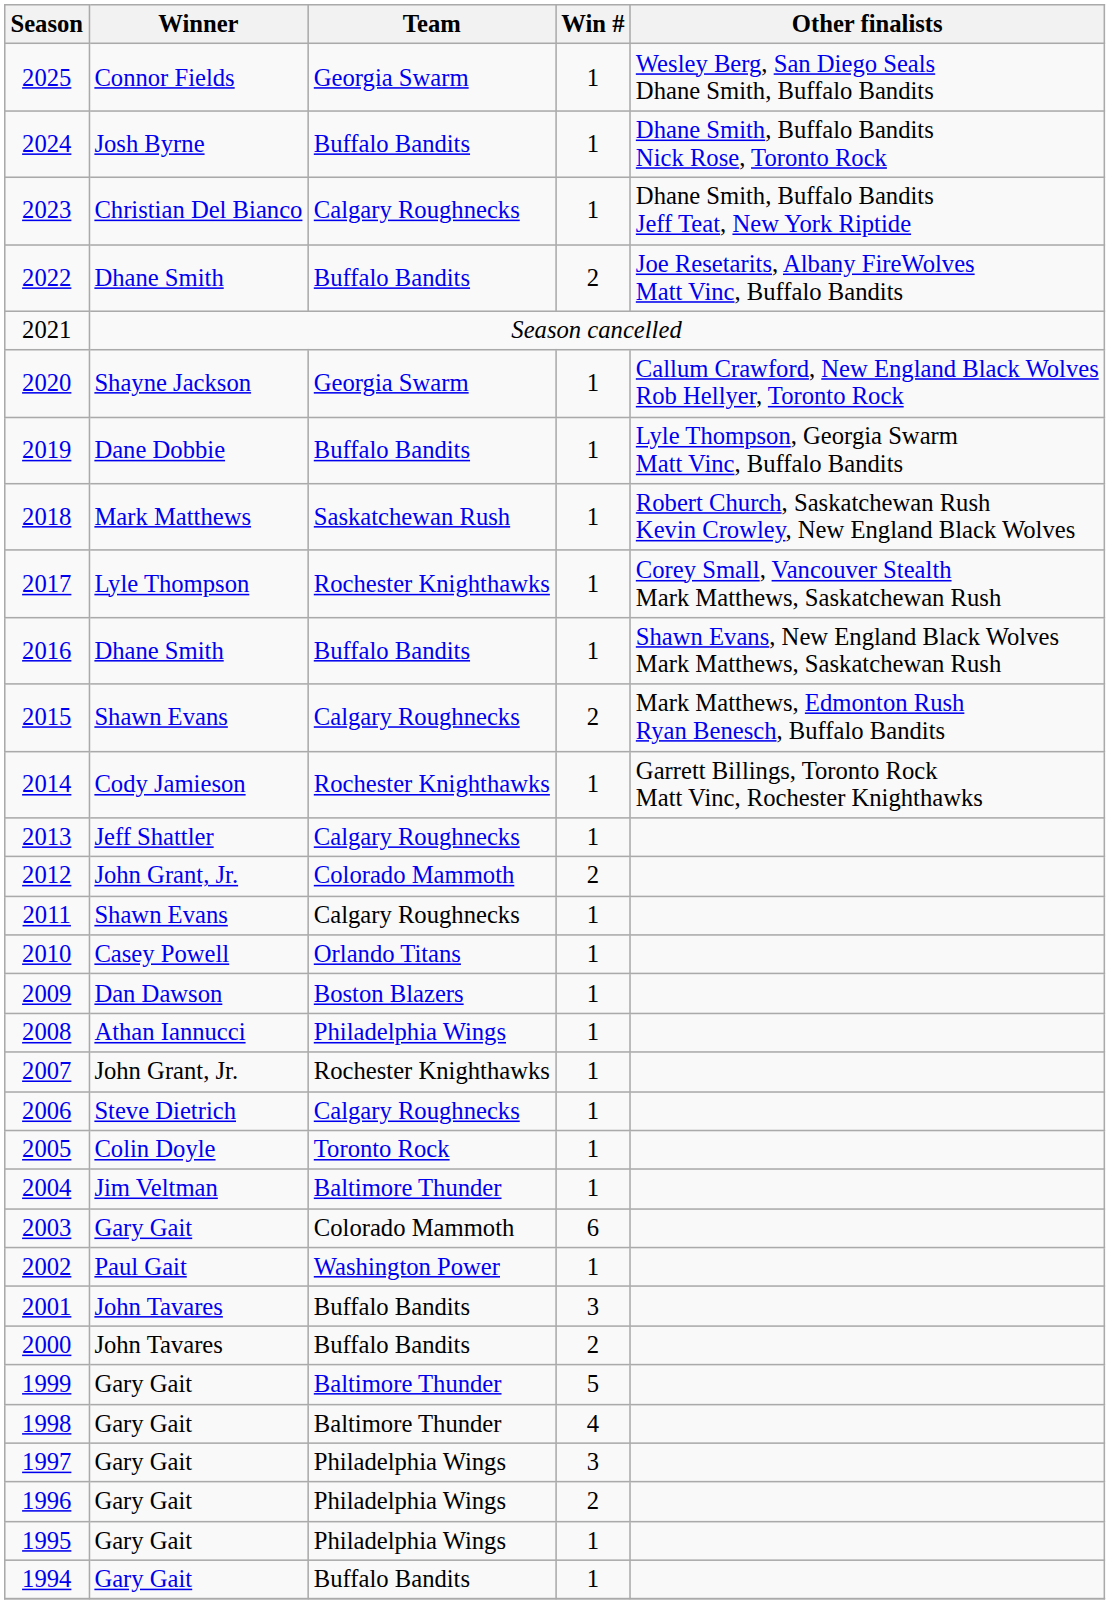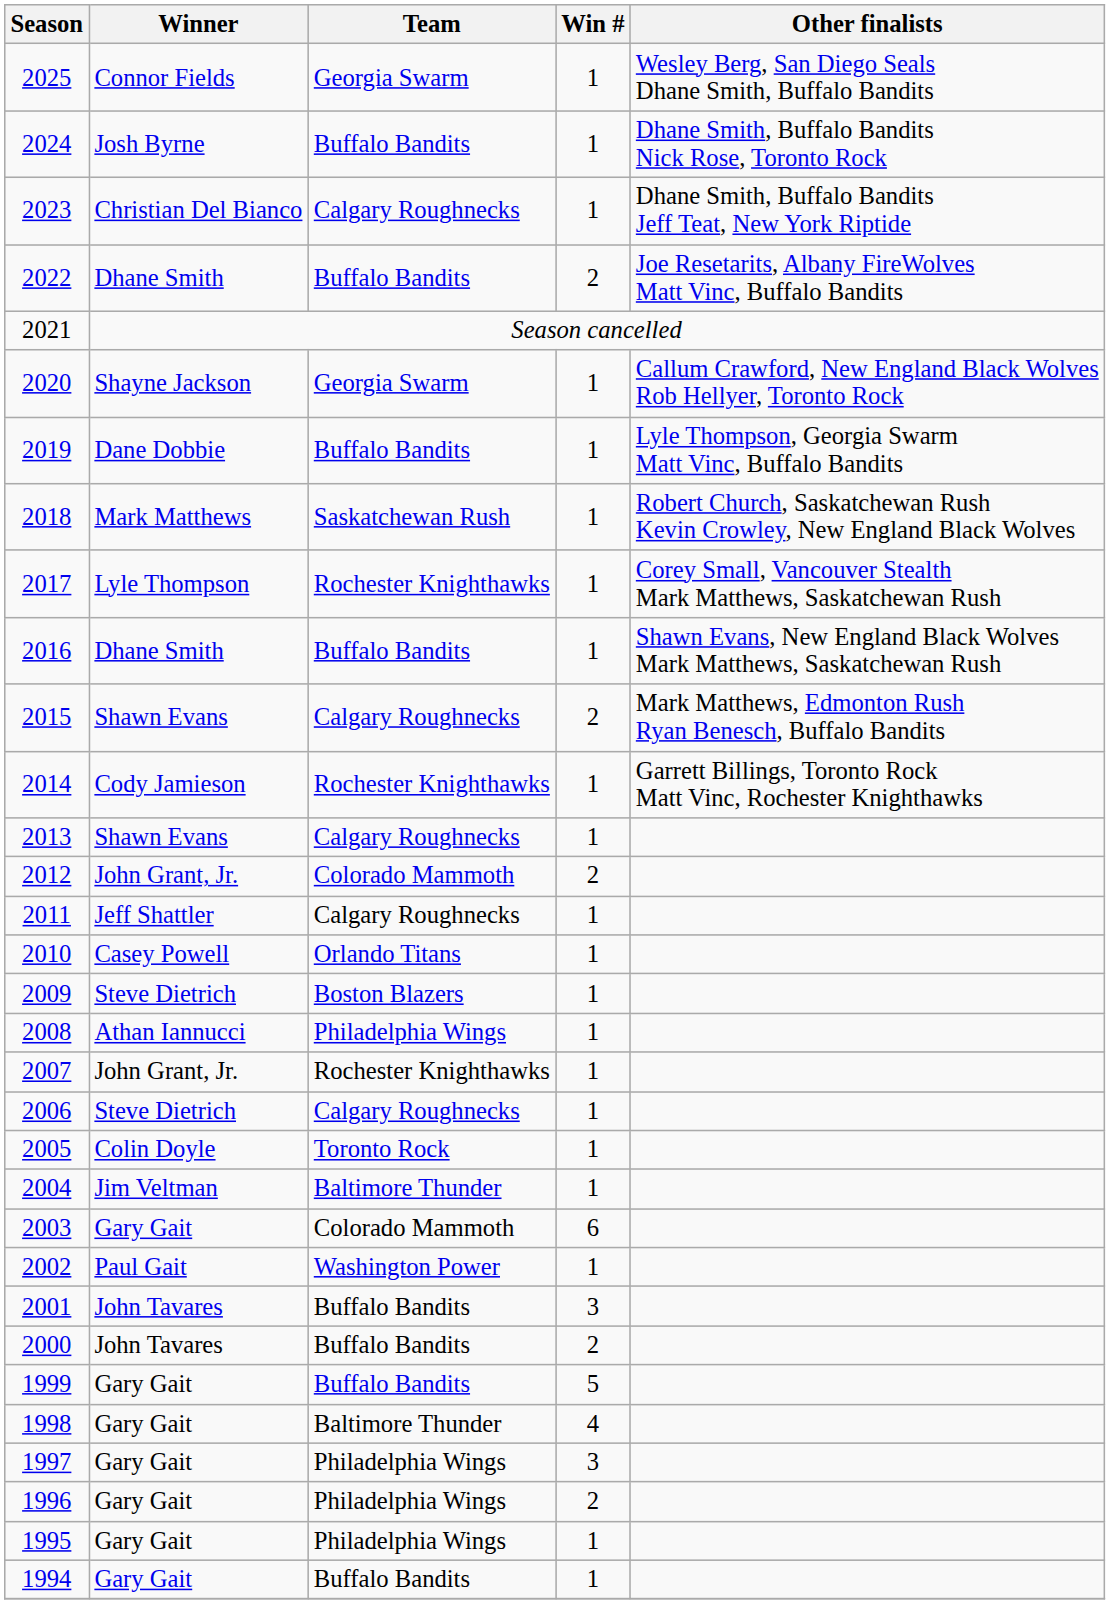 <table class="wikitable sortable">
 <tr>
 <th>Season</th>
 <th>Winner</th>
 <th>Team</th>
 <th>Win #</th>
 <th>Other finalists</th>
 </tr>
 <tr>
 <td align="center"><a href='#'>2025</a></td>
 <td><a href='#'>Connor Fields</a></td>
 <td><a href='#'>Georgia Swarm</a></td>
 <td align="center">1</td>
 <td><a href='#'>Wesley Berg</a>, <a href='#'>San Diego Seals</a><br>Dhane Smith, Buffalo Bandits</td>
 </tr>
 <tr>
 <td align="center"><a href='#'>2024</a></td>
 <td><a href='#'>Josh Byrne</a></td>
 <td><a href='#'>Buffalo Bandits</a></td>
 <td align="center">1</td>
 <td><a href='#'>Dhane Smith</a>, Buffalo Bandits<br><a href='#'>Nick Rose</a>, <a href='#'>Toronto Rock</a></td>
 </tr>
 <tr>
 <td align="center"><a href='#'>2023</a></td>
 <td><a href='#'>Christian Del Bianco</a></td>
 <td><a href='#'>Calgary Roughnecks</a></td>
 <td align="center">1</td>
 <td>Dhane Smith, Buffalo Bandits<br><a href='#'>Jeff Teat</a>, <a href='#'>New York Riptide</a></td>
 </tr>
 <tr>
 <td align="center"><a href='#'>2022</a></td>
 <td><a href='#'>Dhane Smith</a></td>
 <td><a href='#'>Buffalo Bandits</a></td>
 <td align="center">2</td>
 <td><a href='#'>Joe Resetarits</a>, <a href='#'>Albany FireWolves</a><br><a href='#'>Matt Vinc</a>, Buffalo Bandits</td>
 </tr>
 <tr>
 <td align="center">2021</td>
 <td align="center" colspan="4"><em>Season cancelled</em></td>
 </tr>
 <tr>
 <td align="center"><a href='#'>2020</a></td>
 <td><a href='#'>Shayne Jackson</a></td>
 <td><a href='#'>Georgia Swarm</a></td>
 <td align="center">1</td>
 <td><a href='#'>Callum Crawford</a>, <a href='#'>New England Black Wolves</a><br><a href='#'>Rob Hellyer</a>, <a href='#'>Toronto Rock</a></td>
 </tr>
 <tr>
 <td align="center"><a href='#'>2019</a></td>
 <td><a href='#'>Dane Dobbie</a></td>
 <td><a href='#'>Buffalo Bandits</a></td>
 <td align="center">1</td>
 <td><a href='#'>Lyle Thompson</a>, Georgia Swarm<br><a href='#'>Matt Vinc</a>, Buffalo Bandits</td>
 </tr>
 <tr>
 <td align="center"><a href='#'>2018</a></td>
 <td><a href='#'>Mark Matthews</a></td>
 <td><a href='#'>Saskatchewan Rush</a></td>
 <td align="center">1</td>
 <td><a href='#'>Robert Church</a>, Saskatchewan Rush<br><a href='#'>Kevin Crowley</a>, New England Black Wolves</td>
 </tr>
 <tr>
 <td align="center"><a href='#'>2017</a></td>
 <td><a href='#'>Lyle Thompson</a></td>
 <td><a href='#'>Rochester Knighthawks</a></td>
 <td align="center">1</td>
 <td><a href='#'>Corey Small</a>, <a href='#'>Vancouver Stealth</a><br>Mark Matthews, Saskatchewan Rush</td>
 </tr>
 <tr>
 <td align="center"><a href='#'>2016</a></td>
 <td><a href='#'>Dhane Smith</a></td>
 <td><a href='#'>Buffalo Bandits</a></td>
 <td align="center">1</td>
 <td><a href='#'>Shawn Evans</a>, New England Black Wolves<br>Mark Matthews, Saskatchewan Rush</td>
 </tr>
 <tr>
 <td align="center"><a href='#'>2015</a></td>
 <td><a href='#'>Shawn Evans</a></td>
 <td><a href='#'>Calgary Roughnecks</a></td>
 <td align="center">2</td>
 <td>Mark Matthews, <a href='#'>Edmonton Rush</a><br><a href='#'>Ryan Benesch</a>, Buffalo Bandits</td>
 </tr>
 <tr>
 <td align="center"><a href='#'>2014</a></td>
 <td><a href='#'>Cody Jamieson</a></td>
 <td><a href='#'>Rochester Knighthawks</a></td>
 <td align="center">1</td>
 <td>Garrett Billings, Toronto Rock<br>Matt Vinc, Rochester Knighthawks</td>
 </tr>
 <tr>
 <td align="center"><a href='#'>2013</a></td>
-<td><a href='#'>Jeff Shattler</a></td>
+<td><a href='#'>Shawn Evans</a></td>
 <td><a href='#'>Calgary Roughnecks</a></td>
 <td align="center">1</td>
 <td> </td>
 </tr>
 <tr>
 <td align="center"><a href='#'>2012</a></td>
 <td><a href='#'>John Grant, Jr.</a></td>
 <td><a href='#'>Colorado Mammoth</a></td>
 <td align="center">2</td>
 <td> </td>
 </tr>
 <tr>
 <td align="center"><a href='#'>2011</a></td>
-<td><a href='#'>Shawn Evans</a></td>
+<td><a href='#'>Jeff Shattler</a></td>
 <td>Calgary Roughnecks</td>
 <td align="center">1</td>
 <td> </td>
 </tr>
 <tr>
 <td align="center"><a href='#'>2010</a></td>
 <td><a href='#'>Casey Powell</a></td>
 <td><a href='#'>Orlando Titans</a></td>
 <td align="center">1</td>
 <td> </td>
 </tr>
 <tr>
 <td align="center"><a href='#'>2009</a></td>
-<td><a href='#'>Dan Dawson</a></td>
+<td><a href='#'>Steve Dietrich</a></td>
 <td><a href='#'>Boston Blazers</a></td>
 <td align="center">1</td>
 <td> </td>
 </tr>
 <tr>
 <td align="center"><a href='#'>2008</a></td>
 <td><a href='#'>Athan Iannucci</a></td>
 <td><a href='#'>Philadelphia Wings</a></td>
 <td align="center">1</td>
 <td> </td>
 </tr>
 <tr>
 <td align="center"><a href='#'>2007</a></td>
 <td>John Grant, Jr.</td>
 <td>Rochester Knighthawks</td>
 <td align="center">1</td>
 <td> </td>
 </tr>
 <tr>
 <td align="center"><a href='#'>2006</a></td>
 <td><a href='#'>Steve Dietrich</a></td>
 <td><a href='#'>Calgary Roughnecks</a></td>
 <td align="center">1</td>
 <td> </td>
 </tr>
 <tr>
 <td align="center"><a href='#'>2005</a></td>
 <td><a href='#'>Colin Doyle</a></td>
 <td><a href='#'>Toronto Rock</a></td>
 <td align="center">1</td>
 <td> </td>
 </tr>
 <tr>
 <td align="center"><a href='#'>2004</a></td>
 <td><a href='#'>Jim Veltman</a></td>
 <td><a href='#'>Baltimore Thunder</a></td>
 <td align="center">1</td>
 <td> </td>
 </tr>
 <tr>
 <td align="center"><a href='#'>2003</a></td>
 <td><a href='#'>Gary Gait</a></td>
 <td>Colorado Mammoth</td>
 <td align="center">6</td>
 <td> </td>
 </tr>
 <tr>
 <td align="center"><a href='#'>2002</a></td>
 <td><a href='#'>Paul Gait</a></td>
 <td><a href='#'>Washington Power</a></td>
 <td align="center">1</td>
 <td> </td>
 </tr>
 <tr>
 <td align="center"><a href='#'>2001</a></td>
 <td><a href='#'>John Tavares</a></td>
 <td>Buffalo Bandits</td>
 <td align="center">3</td>
 <td> </td>
 </tr>
 <tr>
 <td align="center"><a href='#'>2000</a></td>
 <td>John Tavares</td>
 <td>Buffalo Bandits</td>
 <td align="center">2</td>
 <td> </td>
 </tr>
 <tr>
 <td align="center"><a href='#'>1999</a></td>
 <td>Gary Gait</td>
-<td><a href='#'>Baltimore Thunder</a></td>
+<td><a href='#'>Buffalo Bandits</a></td>
 <td align="center">5</td>
 <td> </td>
 </tr>
 <tr>
 <td align="center"><a href='#'>1998</a></td>
 <td>Gary Gait</td>
 <td>Baltimore Thunder</td>
 <td align="center">4</td>
 <td> </td>
 </tr>
 <tr>
 <td align="center"><a href='#'>1997</a></td>
 <td>Gary Gait</td>
 <td>Philadelphia Wings</td>
 <td align="center">3</td>
 <td> </td>
 </tr>
 <tr>
 <td align="center"><a href='#'>1996</a></td>
 <td>Gary Gait</td>
 <td>Philadelphia Wings</td>
 <td align="center">2</td>
 <td> </td>
 </tr>
 <tr>
 <td align="center"><a href='#'>1995</a></td>
 <td>Gary Gait</td>
 <td>Philadelphia Wings</td>
 <td align="center">1</td>
 <td> </td>
 </tr>
 <tr>
 <td align="center"><a href='#'>1994</a></td>
 <td><a href='#'>Gary Gait</a></td>
 <td>Buffalo Bandits</td>
 <td align="center">1</td>
 <td> </td>
 </tr>
 <tr>
 </tr>
 </table>
